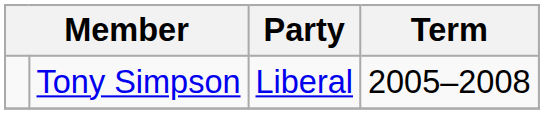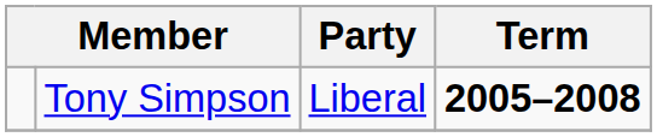 <table class="wikitable">
 <tr>
 <th colspan="2">Member</th>
 <th>Party</th>
 <th>Term</th>
 </tr>
 <tr>
 <td> </td>
 <td><a href='#'>Tony Simpson</a></td>
 <td><a href='#'>Liberal</a></td>
-<td>2005–2008</td>
+<td><strong>2005–2008</strong></td>
 </tr>
 <tr>
 </tr>
 </table>
